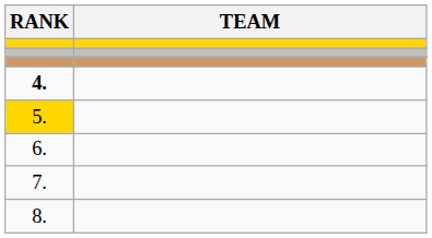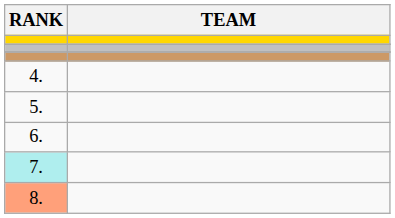 <table class="wikitable" style="border-collapse: collapse; font-size: 90%;">
 <tr>
 <th>RANK</th>
 <th align="left" style="width: 17em">TEAM</th>
 </tr>
 <tr bgcolor=gold>
 <td align="center"></td>
 <td></td>
 </tr>
 <tr>
 </tr>
 <tr bgcolor=silver>
 <td align="center"></td>
 <td></td>
 </tr>
 <tr>
 </tr>
 <tr bgcolor=cc9966>
 <td align="center"></td>
 <td></td>
 </tr>
 <tr>
-<td align="center"><strong>4.</strong></td>
+<td align="center">4.</td>
 <td></td>
 </tr>
 <tr>
-<td align="center" style="background: gold;">5.</td>
+<td align="center">5.</td>
 <td></td>
 </tr>
 <tr>
 <td align="center">6.</td>
 <td></td>
 </tr>
 <tr>
-<td align="center">7.</td>
+<td align="center" style="background: paleturquoise;">7.</td>
 <td></td>
 </tr>
 <tr>
-<td align="center">8.</td>
+<td align="center" style="background: lightsalmon;">8.</td>
 <td></td>
 </tr>
 </table>
